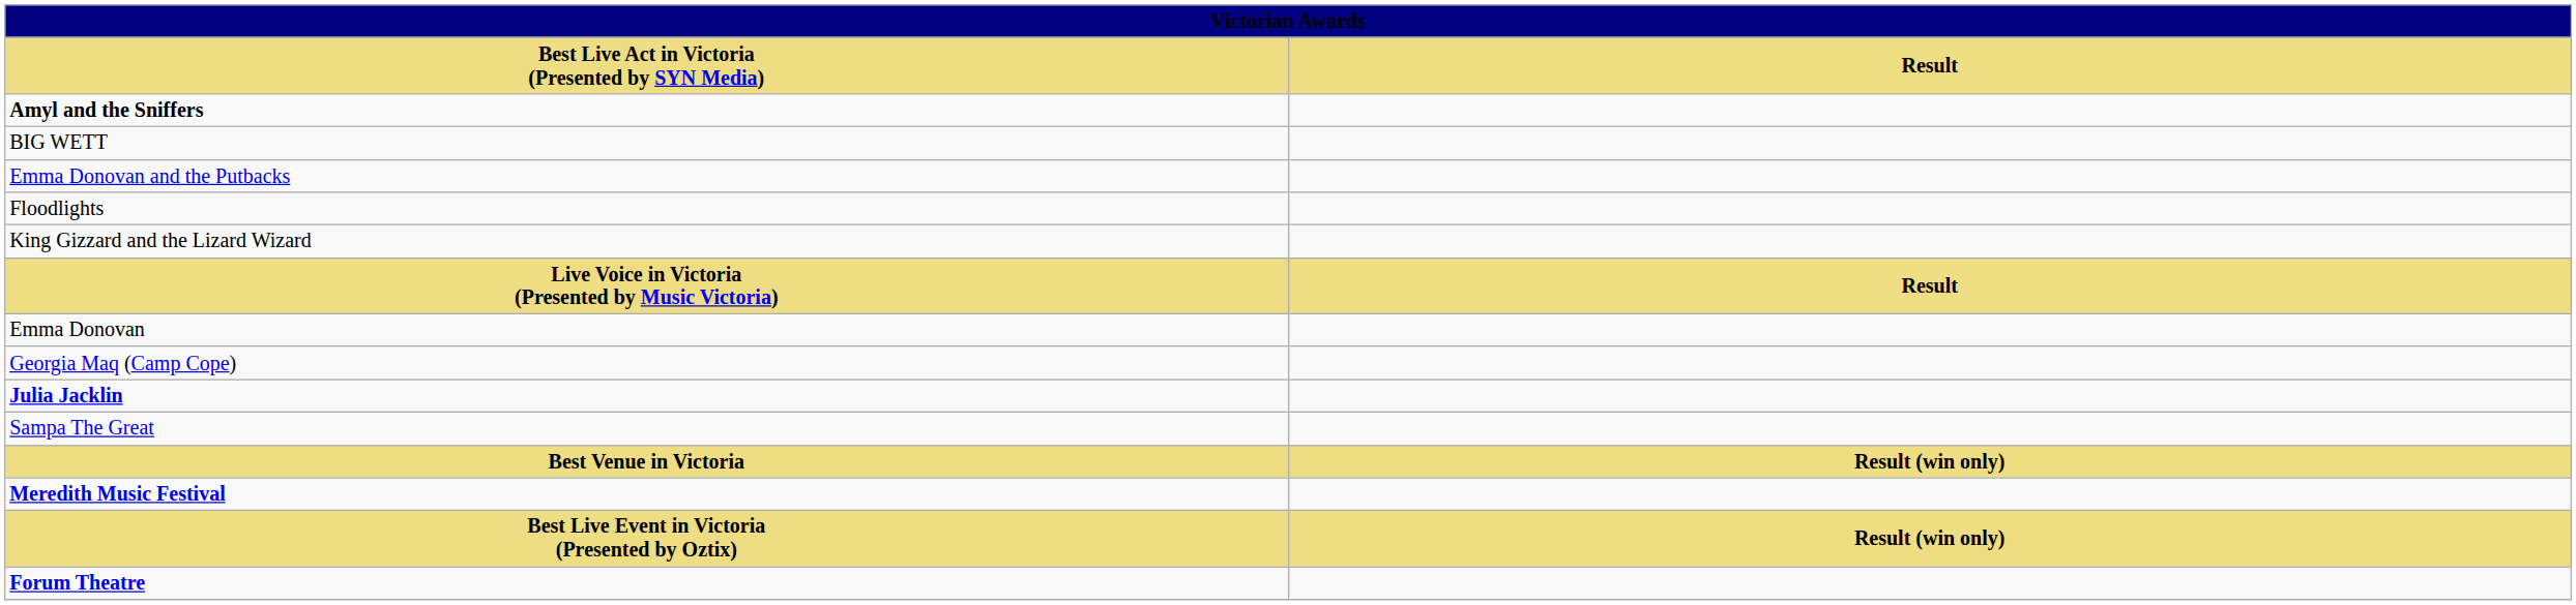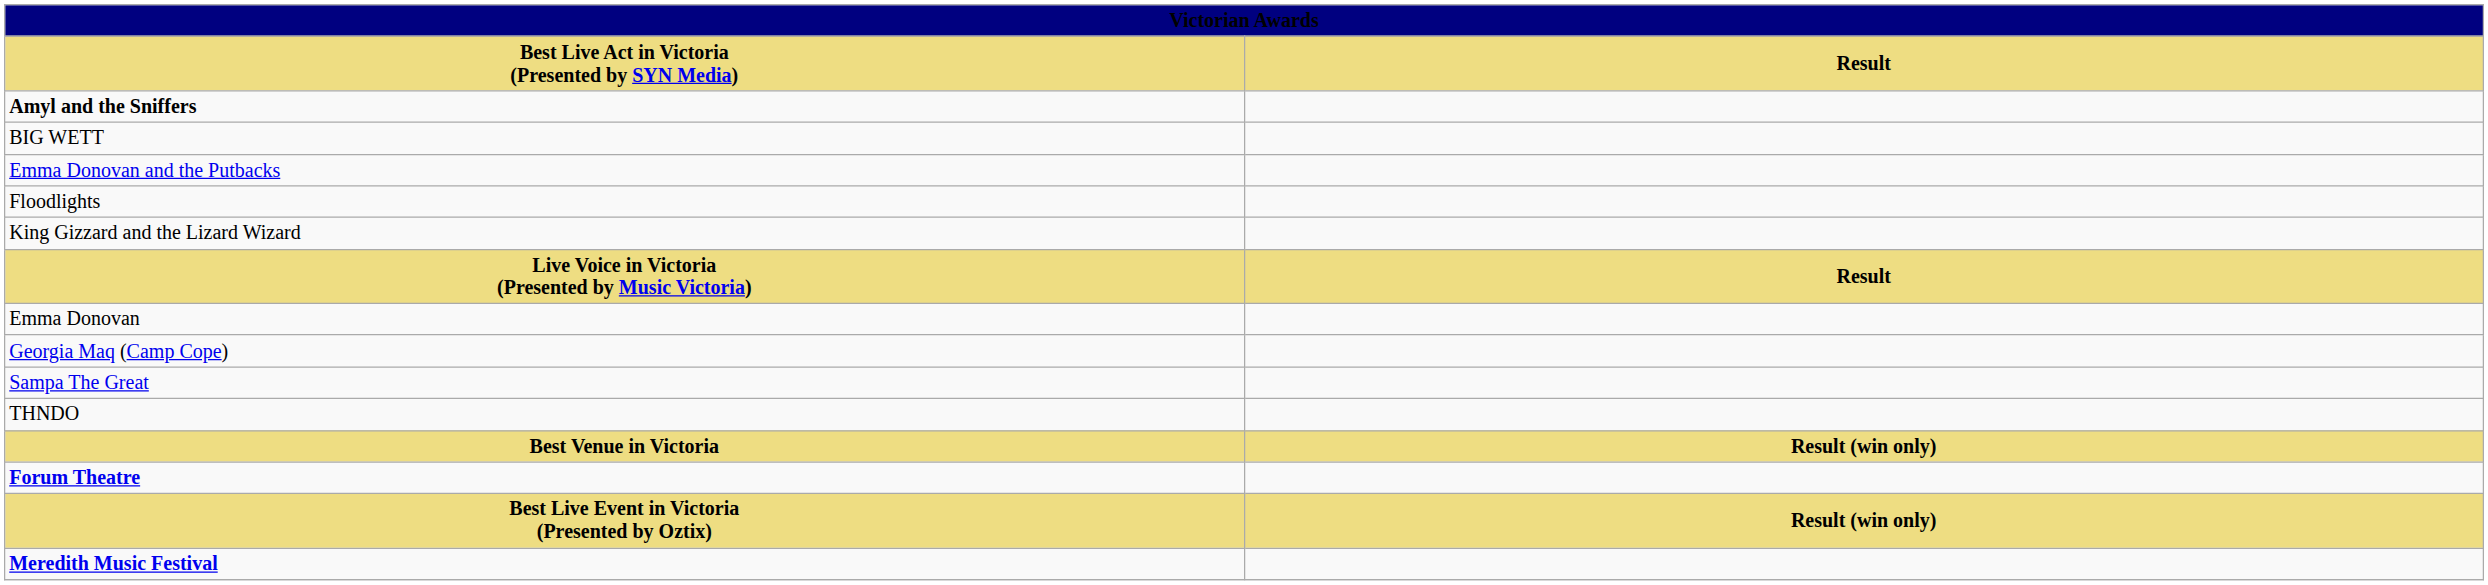 <table class="wikitable" width=100%>
 <tr>
 <th colspan="2" ! style="width:15%;background:navy">Victorian Awards</th>
 </tr>
 <tr>
 <th style="width:10%;background:#EEDD82;">Best Live Act in Victoria <br> (Presented by <a href='#'>SYN Media</a>)</th>
 <th style="width:10%;background:#EEDD82;">Result</th>
 </tr>
 <tr>
 <td><strong>Amyl and the Sniffers</strong></td>
 <td></td>
 </tr>
 <tr>
 <td>BIG WETT</td>
 <td></td>
 </tr>
 <tr>
 <td><a href='#'>Emma Donovan and the Putbacks</a></td>
 <td></td>
 </tr>
 <tr>
 <td>Floodlights</td>
 <td></td>
 </tr>
 <tr>
 <td>King Gizzard and the Lizard Wizard</td>
 <td></td>
 </tr>
 <tr>
 <th style="width:10%;background:#EEDD82;">Live Voice in Victoria <br> (Presented by <a href='#'>Music Victoria</a>)</th>
 <th style="width:10%;background:#EEDD82;">Result</th>
 </tr>
 <tr>
 <td>Emma Donovan</td>
 <td></td>
 </tr>
 <tr>
 <td><a href='#'>Georgia Maq</a> (<a href='#'>Camp Cope</a>)</td>
 <td></td>
 </tr>
 <tr>
-<td><strong><a href='#'>Julia Jacklin</a></strong></td>
+<td><a href='#'>Sampa The Great</a></td>
 <td></td>
 </tr>
 <tr>
-<td><a href='#'>Sampa The Great</a></td>
+<td>THNDO</td>
 <td></td>
 </tr>
 <tr>
 <th style="width:10%;background:#EEDD82;">Best Venue in Victoria</th>
 <th style="width:10%;background:#EEDD82;">Result (win only)</th>
 </tr>
 <tr>
-<td><strong><a href='#'>Meredith Music Festival</a></strong></td>
+<td><strong><a href='#'>Forum Theatre</a></strong></td>
 <td></td>
 </tr>
 <tr>
 <th style="width:10%;background:#EEDD82;">Best Live Event in Victoria <br> (Presented by Oztix)</th>
 <th style="width:10%;background:#EEDD82;">Result (win only)</th>
 </tr>
 <tr>
-<td><strong><a href='#'>Forum Theatre</a></strong></td>
+<td><strong><a href='#'>Meredith Music Festival</a></strong></td>
 <td></td>
 </tr>
 <tr>
 </tr>
 </table>
